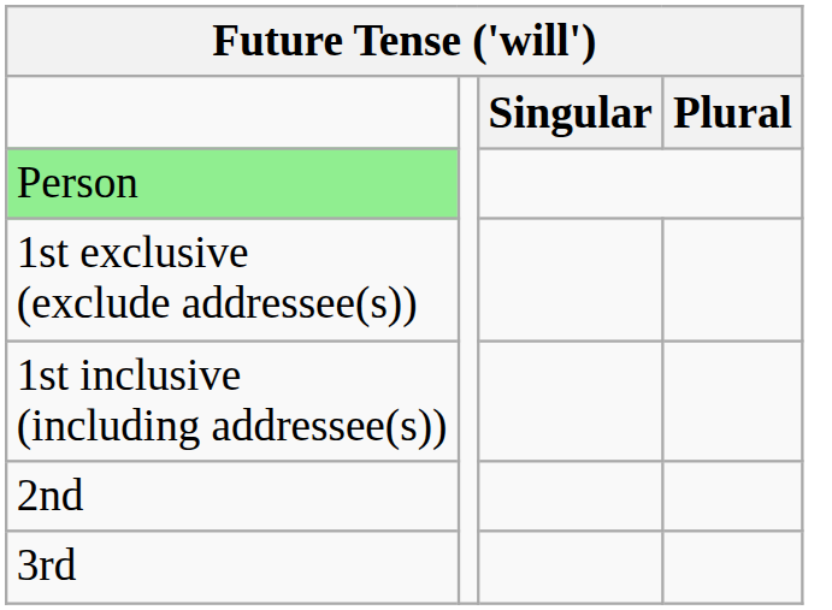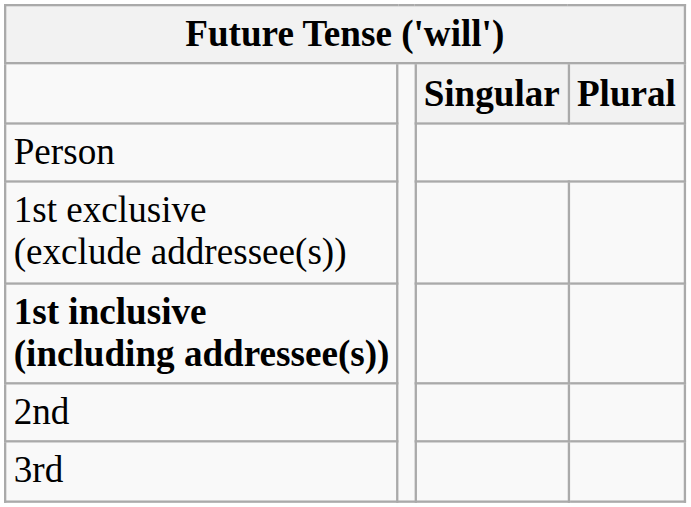 <table class="wikitable">
 <tr>
 <th colspan="4">Future Tense ('will')</th>
 </tr>
 <tr>
 <td></td>
 <td rowspan="6"></td>
 <th>Singular</th>
 <th>Plural</th>
 </tr>
 <tr>
-<td style="background: lightgreen;">Person</td>
+<td>Person</td>
 <td colspan="2"></td>
 </tr>
 <tr>
 <td>1st exclusive<br>(exclude addressee(s))</td>
 <td></td>
 <td></td>
 </tr>
 <tr>
-<td>1st inclusive<br>(including addressee(s))</td>
+<td><strong>1st inclusive<br>(including addressee(s))</strong></td>
 <td></td>
 <td></td>
 </tr>
 <tr>
 <td>2nd</td>
 <td></td>
 <td></td>
 </tr>
 <tr>
 <td>3rd</td>
 <td></td>
 <td></td>
 </tr>
 </table>
